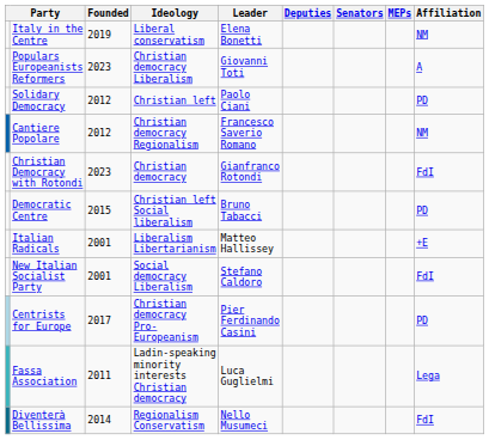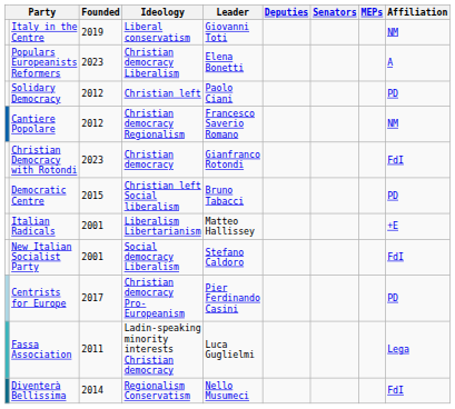 <table class="wikitable sortable">
 <tr>
 <th colspan="2">Party</th>
 <th>Founded</th>
 <th>Ideology</th>
 <th>Leader</th>
 <th><a href='#'>Deputies</a></th>
 <th><a href='#'>Senators</a></th>
 <th><a href='#'>MEPs</a></th>
 <th>Affiliation</th>
 </tr>
 <tr>
 <td></td>
 <td><a href='#'>Italy in the Centre</a><br></td>
 <td>2019</td>
 <td><a href='#'>Liberal conservatism</a></td>
-<td><a href='#'>Elena Bonetti</a></td>
+<td><a href='#'>Giovanni Toti</a></td>
 <td></td>
 <td></td>
 <td></td>
 <td><a href='#'>NM</a></td>
 </tr>
 <tr>
 <td></td>
 <td><a href='#'>Populars Europeanists Reformers</a><br></td>
 <td>2023</td>
 <td><a href='#'>Christian democracy</a><br><a href='#'>Liberalism</a></td>
-<td><a href='#'>Giovanni Toti</a></td>
+<td><a href='#'>Elena Bonetti</a></td>
 <td></td>
 <td></td>
 <td></td>
 <td><a href='#'>A</a></td>
 </tr>
 <tr>
 <td></td>
 <td><a href='#'>Solidary Democracy</a><br></td>
 <td>2012</td>
 <td><a href='#'>Christian left</a></td>
 <td><a href='#'>Paolo Ciani</a></td>
 <td></td>
 <td></td>
 <td></td>
 <td><a href='#'>PD</a></td>
 </tr>
 <tr>
 <td bgcolor="#0060AA"></td>
 <td><a href='#'>Cantiere Popolare</a></td>
 <td>2012</td>
 <td><a href='#'>Christian democracy</a><br><a href='#'>Regionalism</a></td>
 <td><a href='#'>Francesco Saverio Romano</a></td>
 <td></td>
 <td></td>
 <td></td>
 <td><a href='#'>NM</a></td>
 </tr>
 <tr>
 <td></td>
 <td><a href='#'>Christian Democracy with Rotondi</a><br></td>
 <td>2023</td>
 <td><a href='#'>Christian democracy</a></td>
 <td><a href='#'>Gianfranco Rotondi</a></td>
 <td></td>
 <td></td>
 <td></td>
 <td><a href='#'>FdI</a></td>
 </tr>
 <tr>
 <td></td>
 <td><a href='#'>Democratic Centre</a><br></td>
 <td>2015</td>
 <td><a href='#'>Christian left</a><br><a href='#'>Social liberalism</a></td>
 <td><a href='#'>Bruno Tabacci</a></td>
 <td></td>
 <td></td>
 <td></td>
 <td><a href='#'>PD</a></td>
 </tr>
 <tr>
 <td style="background:"></td>
 <td><a href='#'>Italian Radicals</a><br></td>
 <td>2001</td>
 <td><a href='#'>Liberalism</a><br><a href='#'>Libertarianism</a></td>
 <td>Matteo Hallissey</td>
 <td></td>
 <td></td>
 <td></td>
 <td><a href='#'>+E</a></td>
 </tr>
 <tr>
 <td style="background:"></td>
 <td><a href='#'>New Italian Socialist Party</a><br></td>
 <td>2001</td>
 <td><a href='#'>Social democracy</a><br><a href='#'>Liberalism</a></td>
 <td><a href='#'>Stefano Caldoro</a></td>
 <td></td>
 <td></td>
 <td></td>
 <td><a href='#'>FdI</a></td>
 </tr>
 <tr>
 <td bgcolor="#ADD8E6"></td>
 <td><a href='#'>Centrists for Europe</a><br></td>
 <td>2017</td>
 <td><a href='#'>Christian democracy</a><br><a href='#'>Pro-Europeanism</a></td>
 <td><a href='#'>Pier Ferdinando Casini</a></td>
 <td></td>
 <td></td>
 <td></td>
 <td><a href='#'>PD</a></td>
 </tr>
 <tr>
 <td bgcolor="#39B5BD"></td>
 <td><a href='#'>Fassa Association</a><br></td>
 <td>2011</td>
 <td>Ladin-speaking minority interests<br><a href='#'>Christian democracy</a></td>
 <td>Luca Guglielmi</td>
 <td></td>
 <td></td>
 <td></td>
 <td><a href='#'>Lega</a></td>
 </tr>
 <tr>
 <td bgcolor="#086A87"></td>
 <td><a href='#'>Diventerà Bellissima</a></td>
 <td>2014</td>
 <td><a href='#'>Regionalism</a><br><a href='#'>Conservatism</a></td>
 <td><a href='#'>Nello Musumeci</a></td>
 <td></td>
 <td></td>
 <td></td>
 <td><a href='#'>FdI</a></td>
 </tr>
 </table>
